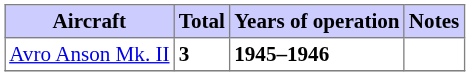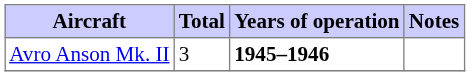 <table class="toccolours" border="1" cellpadding="3" style="margin: 1em auto; border-collapse:collapse">
 <tr bgcolor=#ccccff>
 <th>Aircraft</th>
 <th>Total</th>
 <th>Years of operation</th>
 <th>Notes</th>
 </tr>
 <tr>
 <td><a href='#'>Avro Anson Mk. II</a></td>
-<td><strong>3</strong></td>
+<td>3</td>
 <td><strong>1945–1946</strong></td>
 <td></td>
 </tr>
 <tr>
 </tr>
 </table>
